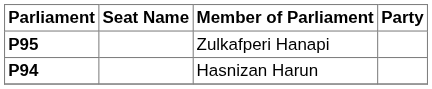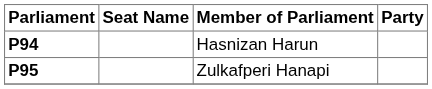 <table class="toccolours sortable" border="1" cellpadding="3" style="border-collapse:collapse; text-align: left;">
 <tr>
 <th align="center">Parliament</th>
 <th>Seat Name</th>
 <th>Member of Parliament</th>
 <th>Party</th>
 </tr>
 <tr>
+<th align="left">P94</th>
+<td></td>
+<td>Hasnizan Harun</td>
+<td></td>
+</tr>
+<tr>
 <th align="left">P95</th>
 <td></td>
 <td>Zulkafperi Hanapi</td>
 <td></td>
 </tr>
 <tr>
-<th align="left">P94</th>
-<td></td>
-<td>Hasnizan Harun</td>
-<td></td>
-</tr>
-<tr>
 </tr>
 </table>
